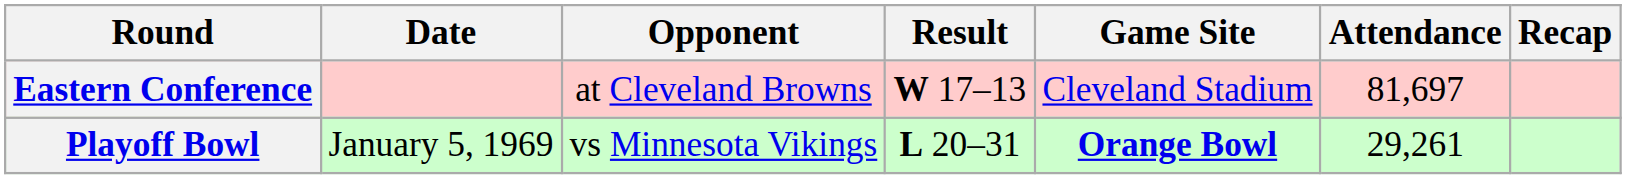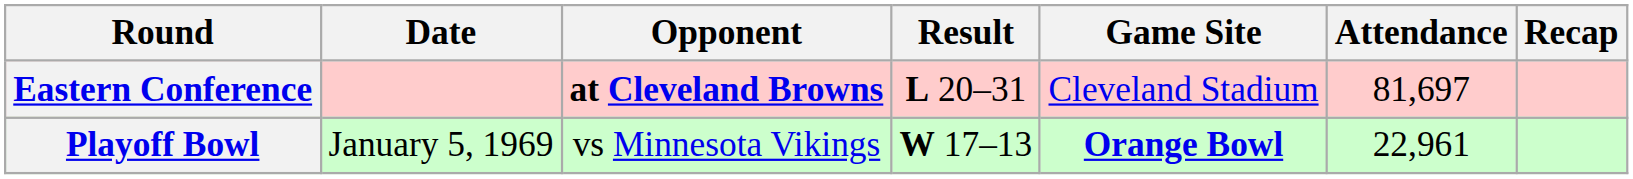 <table class="wikitable" style="text-align:center">
 <tr>
 <th>Round</th>
 <th>Date</th>
 <th>Opponent</th>
 <th>Result</th>
 <th>Game Site</th>
 <th>Attendance</th>
 <th>Recap</th>
 </tr>
 <tr style="background: #fcc">
 <th><a href='#'>Eastern Conference</a></th>
 <td></td>
-<td>at <a href='#'>Cleveland Browns</a></td>
-<td><strong>W</strong> 17–13</td>
+<td><strong>at <a href='#'>Cleveland Browns</a></strong></td>
+<td><strong>L</strong> 20–31</td>
 <td><a href='#'>Cleveland Stadium</a></td>
 <td>81,697</td>
 <td></td>
 </tr>
 <tr style="background: #cfc">
 <th><a href='#'>Playoff Bowl</a></th>
 <td align=right>January 5, 1969</td>
 <td>vs <a href='#'>Minnesota Vikings</a></td>
-<td><strong>L</strong> 20–31</td>
+<td><strong>W</strong> 17–13</td>
 <td><strong><a href='#'>Orange Bowl</a></strong></td>
-<td>29,261</td>
+<td>22,961</td>
 <td></td>
 </tr>
 </table>
